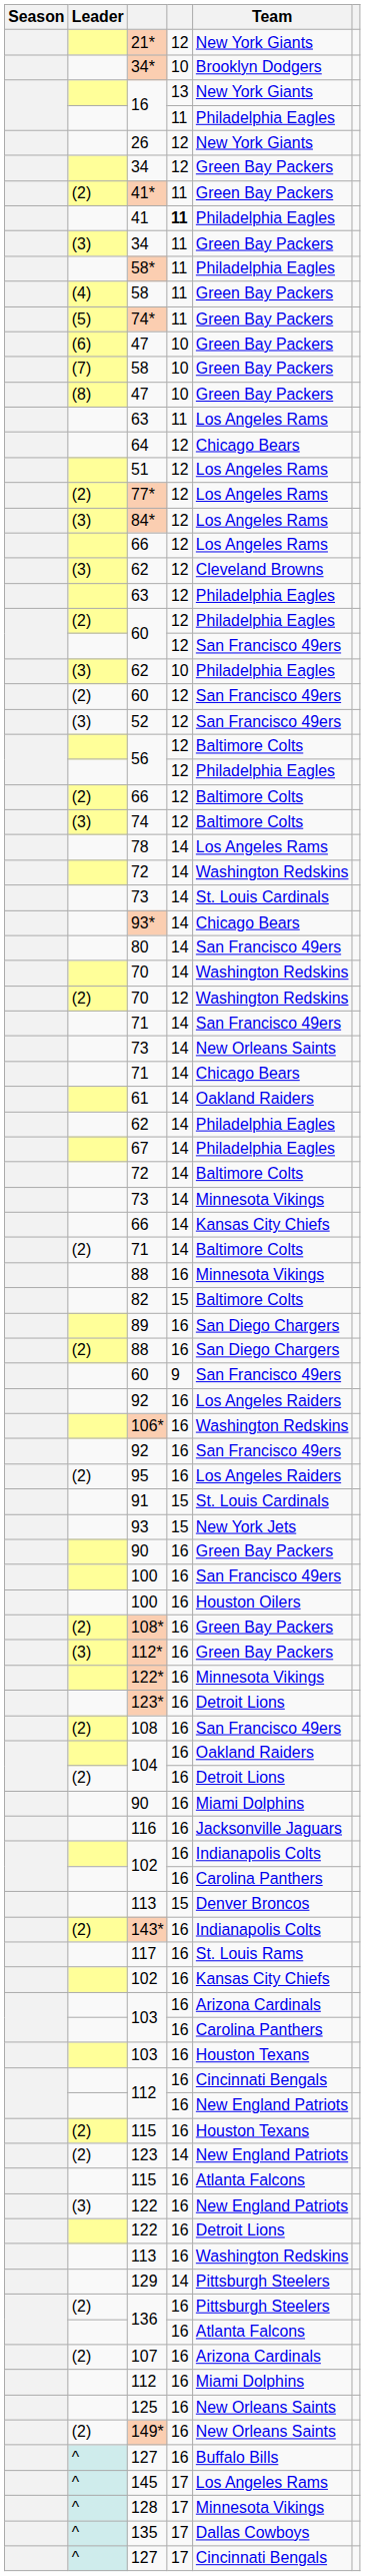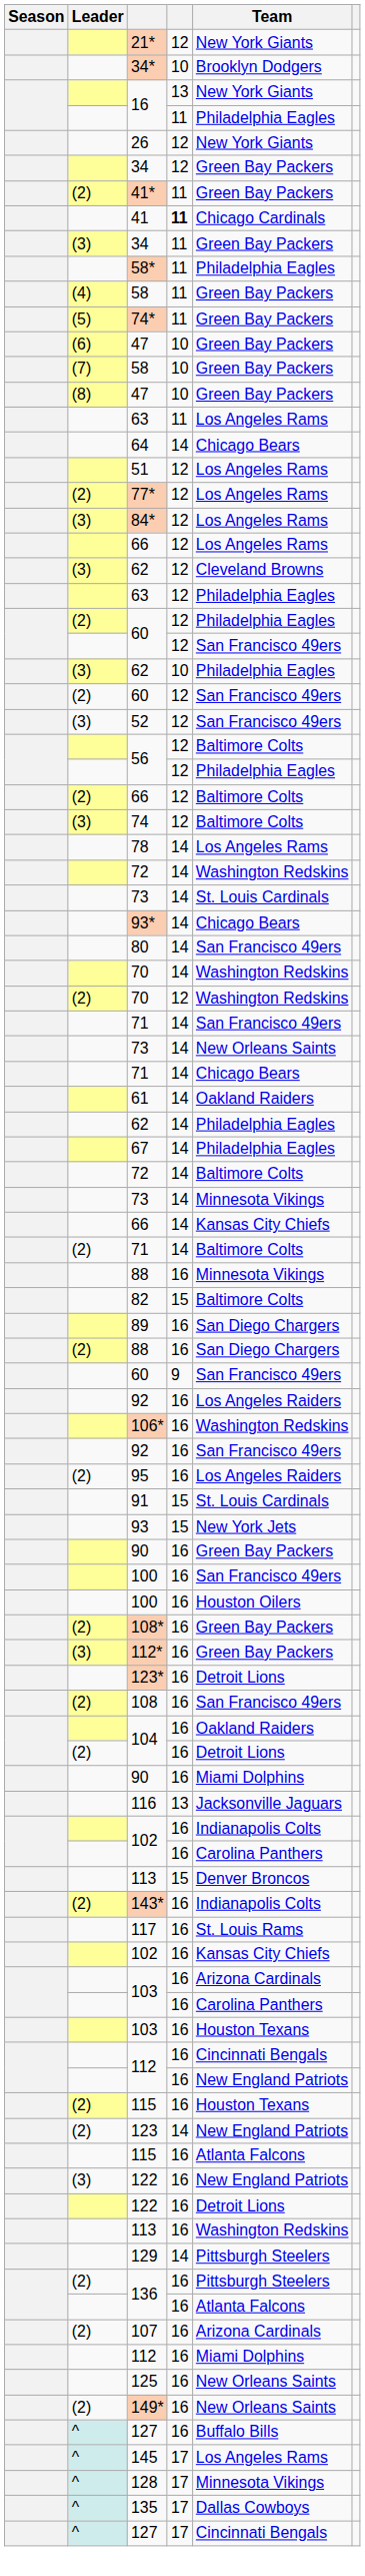 <table class="wikitable sortable">
 <tr>
 <th scope=col>Season</th>
 <th scope=col>Leader</th>
 <th scope=col></th>
 <th scope=col></th>
 <th scope=col>Team</th>
 <th scope=col class="unsortable"></th>
 </tr>
 <tr>
 <th scope=row></th>
 <td style="background:#ff9;"></td>
 <td style="background:#fbceb1;">21*</td>
 <td>12</td>
 <td><a href='#'>New York Giants</a></td>
 <td></td>
 </tr>
 <tr>
 <th scope=row></th>
 <td></td>
 <td style="background:#fbceb1;">34*</td>
 <td>10</td>
 <td><a href='#'>Brooklyn Dodgers</a></td>
 <td></td>
 </tr>
 <tr>
 <th scope=rowgroup rowspan=2></th>
 <td style="background:#ff9;"></td>
 <td rowspan=2>16</td>
 <td>13</td>
 <td><a href='#'>New York Giants</a></td>
 <td></td>
 </tr>
 <tr>
 <td></td>
 <td>11</td>
 <td><a href='#'>Philadelphia Eagles</a></td>
 <td></td>
 </tr>
 <tr>
 <th scope=row></th>
 <td></td>
 <td>26</td>
 <td>12</td>
 <td><a href='#'>New York Giants</a></td>
 <td></td>
 </tr>
 <tr>
 <th scope=row></th>
 <td style="background:#ff9;"></td>
 <td>34</td>
 <td>12</td>
 <td><a href='#'>Green Bay Packers</a></td>
 <td></td>
 </tr>
 <tr>
 <th scope=row></th>
 <td style="background:#ff9;"> (2)</td>
 <td style="background:#fbceb1;">41*</td>
 <td>11</td>
 <td><a href='#'>Green Bay Packers</a></td>
 <td></td>
 </tr>
 <tr>
 <th scope=row></th>
 <td></td>
 <td>41</td>
 <td><strong>11</strong></td>
-<td><a href='#'>Philadelphia Eagles</a></td>
+<td><a href='#'>Chicago Cardinals</a></td>
 <td></td>
 </tr>
 <tr>
 <th scope=row></th>
 <td style="background:#ff9;"> (3)</td>
 <td>34</td>
 <td>11</td>
 <td><a href='#'>Green Bay Packers</a></td>
 <td></td>
 </tr>
 <tr>
 <th scope=row></th>
 <td></td>
 <td style="background:#fbceb1;">58*</td>
 <td>11</td>
 <td><a href='#'>Philadelphia Eagles</a></td>
 <td></td>
 </tr>
 <tr>
 <th scope=row></th>
 <td style="background:#ff9;"> (4)</td>
 <td>58</td>
 <td>11</td>
 <td><a href='#'>Green Bay Packers</a></td>
 <td></td>
 </tr>
 <tr>
 <th scope=row></th>
 <td style="background:#ff9;"> (5)</td>
 <td style="background:#fbceb1;">74*</td>
 <td>11</td>
 <td><a href='#'>Green Bay Packers</a></td>
 <td></td>
 </tr>
 <tr>
 <th scope=row></th>
 <td style="background:#ff9;"> (6)</td>
 <td>47</td>
 <td>10</td>
 <td><a href='#'>Green Bay Packers</a></td>
 <td></td>
 </tr>
 <tr>
 <th scope=row></th>
 <td style="background:#ff9;"> (7)</td>
 <td>58</td>
 <td>10</td>
 <td><a href='#'>Green Bay Packers</a></td>
 <td></td>
 </tr>
 <tr>
 <th scope=row></th>
 <td style="background:#ff9;"> (8)</td>
 <td>47</td>
 <td>10</td>
 <td><a href='#'>Green Bay Packers</a></td>
 <td></td>
 </tr>
 <tr>
 <th scope=row></th>
 <td></td>
 <td>63</td>
 <td>11</td>
 <td><a href='#'>Los Angeles Rams</a></td>
 <td></td>
 </tr>
 <tr>
 <th scope=row></th>
 <td></td>
 <td>64</td>
-<td>12</td>
+<td>14</td>
 <td><a href='#'>Chicago Bears</a></td>
 <td></td>
 </tr>
 <tr>
 <th scope=row></th>
 <td style="background:#ff9;"></td>
 <td>51</td>
 <td>12</td>
 <td><a href='#'>Los Angeles Rams</a></td>
 <td></td>
 </tr>
 <tr>
 <th scope=row></th>
 <td style="background:#ff9;"> (2)</td>
 <td style="background:#fbceb1;">77*</td>
 <td>12</td>
 <td><a href='#'>Los Angeles Rams</a></td>
 <td></td>
 </tr>
 <tr>
 <th scope=row></th>
 <td style="background:#ff9;"> (3)</td>
 <td style="background:#fbceb1;">84*</td>
 <td>12</td>
 <td><a href='#'>Los Angeles Rams</a></td>
 <td></td>
 </tr>
 <tr>
 <th scope=row></th>
 <td style="background:#ff9;"></td>
 <td>66</td>
 <td>12</td>
 <td><a href='#'>Los Angeles Rams</a></td>
 <td></td>
 </tr>
 <tr>
 <th scope=row></th>
 <td style="background:#ff9;"> (3)</td>
 <td>62</td>
 <td>12</td>
 <td><a href='#'>Cleveland Browns</a></td>
 <td></td>
 </tr>
 <tr>
 <th scope=row></th>
 <td style="background:#ff9;"></td>
 <td>63</td>
 <td>12</td>
 <td><a href='#'>Philadelphia Eagles</a></td>
 <td></td>
 </tr>
 <tr>
 <th scope=rowgroup rowspan=2></th>
 <td style="background:#ff9;"> (2)</td>
 <td rowspan=2>60</td>
 <td>12</td>
 <td><a href='#'>Philadelphia Eagles</a></td>
 <td></td>
 </tr>
 <tr>
 <td></td>
 <td>12</td>
 <td><a href='#'>San Francisco 49ers</a></td>
 <td></td>
 </tr>
 <tr>
 <th scope=row></th>
 <td style="background:#ff9;"> (3)</td>
 <td>62</td>
 <td>10</td>
 <td><a href='#'>Philadelphia Eagles</a></td>
 <td></td>
 </tr>
 <tr>
 <th scope=row></th>
 <td> (2)</td>
 <td>60</td>
 <td>12</td>
 <td><a href='#'>San Francisco 49ers</a></td>
 <td></td>
 </tr>
 <tr>
 <th scope=row></th>
 <td> (3)</td>
 <td>52</td>
 <td>12</td>
 <td><a href='#'>San Francisco 49ers</a></td>
 <td></td>
 </tr>
 <tr>
 <th scope=rowgroup rowspan=2></th>
 <td style="background:#ff9;"></td>
 <td rowspan=2>56</td>
 <td>12</td>
 <td><a href='#'>Baltimore Colts</a></td>
 <td></td>
 </tr>
 <tr>
 <td></td>
 <td>12</td>
 <td><a href='#'>Philadelphia Eagles</a></td>
 <td></td>
 </tr>
 <tr>
 <th scope=row></th>
 <td style="background:#ff9;"> (2)</td>
 <td>66</td>
 <td>12</td>
 <td><a href='#'>Baltimore Colts</a></td>
 <td></td>
 </tr>
 <tr>
 <th scope=row></th>
 <td style="background:#ff9;"> (3)</td>
 <td>74</td>
 <td>12</td>
 <td><a href='#'>Baltimore Colts</a></td>
 <td></td>
 </tr>
 <tr>
 <th scope=row></th>
 <td></td>
 <td>78</td>
 <td>14</td>
 <td><a href='#'>Los Angeles Rams</a></td>
 <td></td>
 </tr>
 <tr>
 <th scope=row></th>
 <td style="background:#ff9;"></td>
 <td>72</td>
 <td>14</td>
 <td><a href='#'>Washington Redskins</a></td>
 <td></td>
 </tr>
 <tr>
 <th scope=row></th>
 <td></td>
 <td>73</td>
 <td>14</td>
 <td><a href='#'>St. Louis Cardinals</a></td>
 <td></td>
 </tr>
 <tr>
 <th scope=row></th>
 <td></td>
 <td style="background:#fbceb1;">93*</td>
 <td>14</td>
 <td><a href='#'>Chicago Bears</a></td>
 <td></td>
 </tr>
 <tr>
 <th scope=row></th>
 <td></td>
 <td>80</td>
 <td>14</td>
 <td><a href='#'>San Francisco 49ers</a></td>
 <td></td>
 </tr>
 <tr>
 <th scope=row></th>
 <td style="background:#ff9;"></td>
 <td>70</td>
 <td>14</td>
 <td><a href='#'>Washington Redskins</a></td>
 <td></td>
 </tr>
 <tr>
 <th scope=row></th>
 <td style="background:#ff9;"> (2)</td>
 <td>70</td>
 <td>12</td>
 <td><a href='#'>Washington Redskins</a></td>
 <td></td>
 </tr>
 <tr>
 <th scope=row></th>
 <td></td>
 <td>71</td>
 <td>14</td>
 <td><a href='#'>San Francisco 49ers</a></td>
 <td></td>
 </tr>
 <tr>
 <th scope=row></th>
 <td></td>
 <td>73</td>
 <td>14</td>
 <td><a href='#'>New Orleans Saints</a></td>
 <td></td>
 </tr>
 <tr>
 <th scope=row></th>
 <td></td>
 <td>71</td>
 <td>14</td>
 <td><a href='#'>Chicago Bears</a></td>
 <td></td>
 </tr>
 <tr>
 <th scope=row></th>
 <td style="background:#ff9;"></td>
 <td>61</td>
 <td>14</td>
 <td><a href='#'>Oakland Raiders</a></td>
 <td></td>
 </tr>
 <tr>
 <th scope=row></th>
 <td></td>
 <td>62</td>
 <td>14</td>
 <td><a href='#'>Philadelphia Eagles</a></td>
 <td></td>
 </tr>
 <tr>
 <th scope=row></th>
 <td style="background:#ff9;"></td>
 <td>67</td>
 <td>14</td>
 <td><a href='#'>Philadelphia Eagles</a></td>
 <td></td>
 </tr>
 <tr>
 <th scope=row></th>
 <td></td>
 <td>72</td>
 <td>14</td>
 <td><a href='#'>Baltimore Colts</a></td>
 <td></td>
 </tr>
 <tr>
 <th scope=row></th>
 <td></td>
 <td>73</td>
 <td>14</td>
 <td><a href='#'>Minnesota Vikings</a></td>
 <td></td>
 </tr>
 <tr>
 <th scope=row></th>
 <td></td>
 <td>66</td>
 <td>14</td>
 <td><a href='#'>Kansas City Chiefs</a></td>
 <td></td>
 </tr>
 <tr>
 <th scope=row></th>
 <td> (2)</td>
 <td>71</td>
 <td>14</td>
 <td><a href='#'>Baltimore Colts</a></td>
 <td></td>
 </tr>
 <tr>
 <th scope=row></th>
 <td></td>
 <td>88</td>
 <td>16</td>
 <td><a href='#'>Minnesota Vikings</a></td>
 <td></td>
 </tr>
 <tr>
 <th scope=row></th>
 <td></td>
 <td>82</td>
 <td>15</td>
 <td><a href='#'>Baltimore Colts</a></td>
 <td></td>
 </tr>
 <tr>
 <th scope=row></th>
 <td style="background:#ff9;"></td>
 <td>89</td>
 <td>16</td>
 <td><a href='#'>San Diego Chargers</a></td>
 <td></td>
 </tr>
 <tr>
 <th scope=row></th>
 <td style="background:#ff9;"> (2)</td>
 <td>88</td>
 <td>16</td>
 <td><a href='#'>San Diego Chargers</a></td>
 <td></td>
 </tr>
 <tr>
 <th scope=row></th>
 <td></td>
 <td>60</td>
 <td>9</td>
 <td><a href='#'>San Francisco 49ers</a></td>
 <td></td>
 </tr>
 <tr>
 <th scope=row></th>
 <td></td>
 <td>92</td>
 <td>16</td>
 <td><a href='#'>Los Angeles Raiders</a></td>
 <td></td>
 </tr>
 <tr>
 <th scope=row></th>
 <td style="background:#ff9;"></td>
 <td style="background:#fbceb1;">106*</td>
 <td>16</td>
 <td><a href='#'>Washington Redskins</a></td>
 <td></td>
 </tr>
 <tr>
 <th scope=row></th>
 <td></td>
 <td>92</td>
 <td>16</td>
 <td><a href='#'>San Francisco 49ers</a></td>
 <td></td>
 </tr>
 <tr>
 <th scope=row></th>
 <td> (2)</td>
 <td>95</td>
 <td>16</td>
 <td><a href='#'>Los Angeles Raiders</a></td>
 <td></td>
 </tr>
 <tr>
 <th scope=row></th>
 <td></td>
 <td>91</td>
 <td>15</td>
 <td><a href='#'>St. Louis Cardinals</a></td>
 <td></td>
 </tr>
 <tr>
 <th scope=row></th>
 <td></td>
 <td>93</td>
 <td>15</td>
 <td><a href='#'>New York Jets</a></td>
 <td></td>
 </tr>
 <tr>
 <th scope=row></th>
 <td style="background:#ff9;"></td>
 <td>90</td>
 <td>16</td>
 <td><a href='#'>Green Bay Packers</a></td>
 <td></td>
 </tr>
 <tr>
 <th scope=row></th>
 <td style="background:#ff9;"></td>
 <td>100</td>
 <td>16</td>
 <td><a href='#'>San Francisco 49ers</a></td>
 <td></td>
 </tr>
 <tr>
 <th scope=row></th>
 <td></td>
 <td>100</td>
 <td>16</td>
 <td><a href='#'>Houston Oilers</a></td>
 <td></td>
 </tr>
 <tr>
 <th scope=row></th>
 <td style="background:#ff9;"> (2)</td>
 <td style="background:#fbceb1;">108*</td>
 <td>16</td>
 <td><a href='#'>Green Bay Packers</a></td>
 <td></td>
 </tr>
 <tr>
 <th scope=row></th>
 <td style="background:#ff9;"> (3)</td>
 <td style="background:#fbceb1;">112*</td>
 <td>16</td>
 <td><a href='#'>Green Bay Packers</a></td>
 <td></td>
 </tr>
 <tr>
 <th scope=row></th>
-<td style="background:#ff9;"></td>
-<td style="background:#fbceb1;">122*</td>
-<td>16</td>
-<td><a href='#'>Minnesota Vikings</a></td>
-<td></td>
-</tr>
-<tr>
-<th scope=row></th>
 <td></td>
 <td style="background:#fbceb1;">123*</td>
 <td>16</td>
 <td><a href='#'>Detroit Lions</a></td>
 <td></td>
 </tr>
 <tr>
 <th scope=row></th>
 <td style="background:#ff9;"> (2)</td>
 <td>108</td>
 <td>16</td>
 <td><a href='#'>San Francisco 49ers</a></td>
 <td></td>
 </tr>
 <tr>
 <th scope=rowgroup rowspan=2></th>
 <td style="background:#ff9;"></td>
 <td rowspan=2>104</td>
 <td>16</td>
 <td><a href='#'>Oakland Raiders</a></td>
 <td></td>
 </tr>
 <tr>
 <td> (2)</td>
 <td>16</td>
 <td><a href='#'>Detroit Lions</a></td>
 <td></td>
 </tr>
 <tr>
 <th scope=row></th>
 <td></td>
 <td>90</td>
 <td>16</td>
 <td><a href='#'>Miami Dolphins</a></td>
 <td></td>
 </tr>
 <tr>
 <th scope=row></th>
 <td></td>
 <td>116</td>
-<td>16</td>
+<td>13</td>
 <td><a href='#'>Jacksonville Jaguars</a></td>
 <td></td>
 </tr>
 <tr>
 <th scope=rowgroup rowspan=2></th>
 <td style="background:#ff9;"></td>
 <td rowspan=2>102</td>
 <td>16</td>
 <td><a href='#'>Indianapolis Colts</a></td>
 <td></td>
 </tr>
 <tr>
 <td></td>
 <td>16</td>
 <td><a href='#'>Carolina Panthers</a></td>
 <td></td>
 </tr>
 <tr>
 <th scope=row></th>
 <td></td>
 <td>113</td>
 <td>15</td>
 <td><a href='#'>Denver Broncos</a></td>
 <td></td>
 </tr>
 <tr>
 <th scope=row></th>
 <td style="background:#ff9;"> (2)</td>
 <td style="background:#fbceb1;">143*</td>
 <td>16</td>
 <td><a href='#'>Indianapolis Colts</a></td>
 <td></td>
 </tr>
 <tr>
 <th scope=row></th>
 <td></td>
 <td>117</td>
 <td>16</td>
 <td><a href='#'>St. Louis Rams</a></td>
 <td></td>
 </tr>
 <tr>
 <th scope=row></th>
 <td style="background:#ff9;"></td>
 <td>102</td>
 <td>16</td>
 <td><a href='#'>Kansas City Chiefs</a></td>
 <td></td>
 </tr>
 <tr>
 <th scope=rowgroup rowspan=2></th>
 <td></td>
 <td rowspan=2>103</td>
 <td>16</td>
 <td><a href='#'>Arizona Cardinals</a></td>
 <td></td>
 </tr>
 <tr>
 <td></td>
 <td>16</td>
 <td><a href='#'>Carolina Panthers</a></td>
 <td></td>
 </tr>
 <tr>
 <th scope=row></th>
 <td style="background:#ff9;"></td>
 <td>103</td>
 <td>16</td>
 <td><a href='#'>Houston Texans</a></td>
 <td></td>
 </tr>
 <tr>
 <th scope=rowgroup rowspan=2></th>
 <td></td>
 <td rowspan=2>112</td>
 <td>16</td>
 <td><a href='#'>Cincinnati Bengals</a></td>
 <td></td>
 </tr>
 <tr>
 <td></td>
 <td>16</td>
 <td><a href='#'>New England Patriots</a></td>
 <td></td>
 </tr>
 <tr>
 <th scope=row></th>
 <td style="background:#ff9;"> (2)</td>
 <td>115</td>
 <td>16</td>
 <td><a href='#'>Houston Texans</a></td>
 <td></td>
 </tr>
 <tr>
 <th scope=row></th>
 <td> (2)</td>
 <td>123</td>
 <td>14</td>
 <td><a href='#'>New England Patriots</a></td>
 <td></td>
 </tr>
 <tr>
 <th scope=row></th>
 <td></td>
 <td>115</td>
 <td>16</td>
 <td><a href='#'>Atlanta Falcons</a></td>
 <td></td>
 </tr>
 <tr>
 <th scope=row></th>
 <td> (3)</td>
 <td>122</td>
 <td>16</td>
 <td><a href='#'>New England Patriots</a></td>
 <td></td>
 </tr>
 <tr>
 <th scope=row></th>
 <td style="background:#ff9;"></td>
 <td>122</td>
 <td>16</td>
 <td><a href='#'>Detroit Lions</a></td>
 <td></td>
 </tr>
 <tr>
 <th scope=row></th>
 <td></td>
 <td>113</td>
 <td>16</td>
 <td><a href='#'>Washington Redskins</a></td>
 <td></td>
 </tr>
 <tr>
 <th scope=row></th>
 <td></td>
 <td>129</td>
 <td>14</td>
 <td><a href='#'>Pittsburgh Steelers</a></td>
 <td></td>
 </tr>
 <tr>
 <th scope=rowgroup rowspan=2></th>
 <td> (2)</td>
 <td rowspan=2>136</td>
 <td>16</td>
 <td><a href='#'>Pittsburgh Steelers</a></td>
 <td></td>
 </tr>
 <tr>
 <td></td>
 <td>16</td>
 <td><a href='#'>Atlanta Falcons</a></td>
 <td></td>
 </tr>
 <tr>
 <th scope=row></th>
 <td> (2)</td>
 <td>107</td>
 <td>16</td>
 <td><a href='#'>Arizona Cardinals</a></td>
 <td></td>
 </tr>
 <tr>
 <th scope=row></th>
 <td></td>
 <td>112</td>
 <td>16</td>
 <td><a href='#'>Miami Dolphins</a></td>
 <td></td>
 </tr>
 <tr>
 <th scope=row></th>
 <td></td>
 <td>125</td>
 <td>16</td>
 <td><a href='#'>New Orleans Saints</a></td>
 <td></td>
 </tr>
 <tr>
 <th scope=row></th>
 <td> (2)</td>
 <td style="background:#fbceb1;">149*</td>
 <td>16</td>
 <td><a href='#'>New Orleans Saints</a></td>
 <td></td>
 </tr>
 <tr>
 <th scope=row></th>
 <td style="background:#cfecec;”">^</td>
 <td>127</td>
 <td>16</td>
 <td><a href='#'>Buffalo Bills</a></td>
 <td></td>
 </tr>
 <tr>
 <th scope=row></th>
 <td style="background:#cfecec;”">^</td>
 <td>145</td>
 <td>17</td>
 <td><a href='#'>Los Angeles Rams</a></td>
 <td></td>
 </tr>
 <tr>
 <th scope=row></th>
 <td style="background:#cfecec;”">^</td>
 <td>128</td>
 <td>17</td>
 <td><a href='#'>Minnesota Vikings</a></td>
 <td></td>
 </tr>
 <tr>
 <th scope=row></th>
 <td style="background:#cfecec;”">^</td>
 <td>135</td>
 <td>17</td>
 <td><a href='#'>Dallas Cowboys</a></td>
 <td></td>
 </tr>
 <tr>
 <th scope=row></th>
 <td style="background:#cfecec;”">^</td>
 <td>127</td>
 <td>17</td>
 <td><a href='#'>Cincinnati Bengals</a></td>
 <td></td>
 </tr>
 </table>
